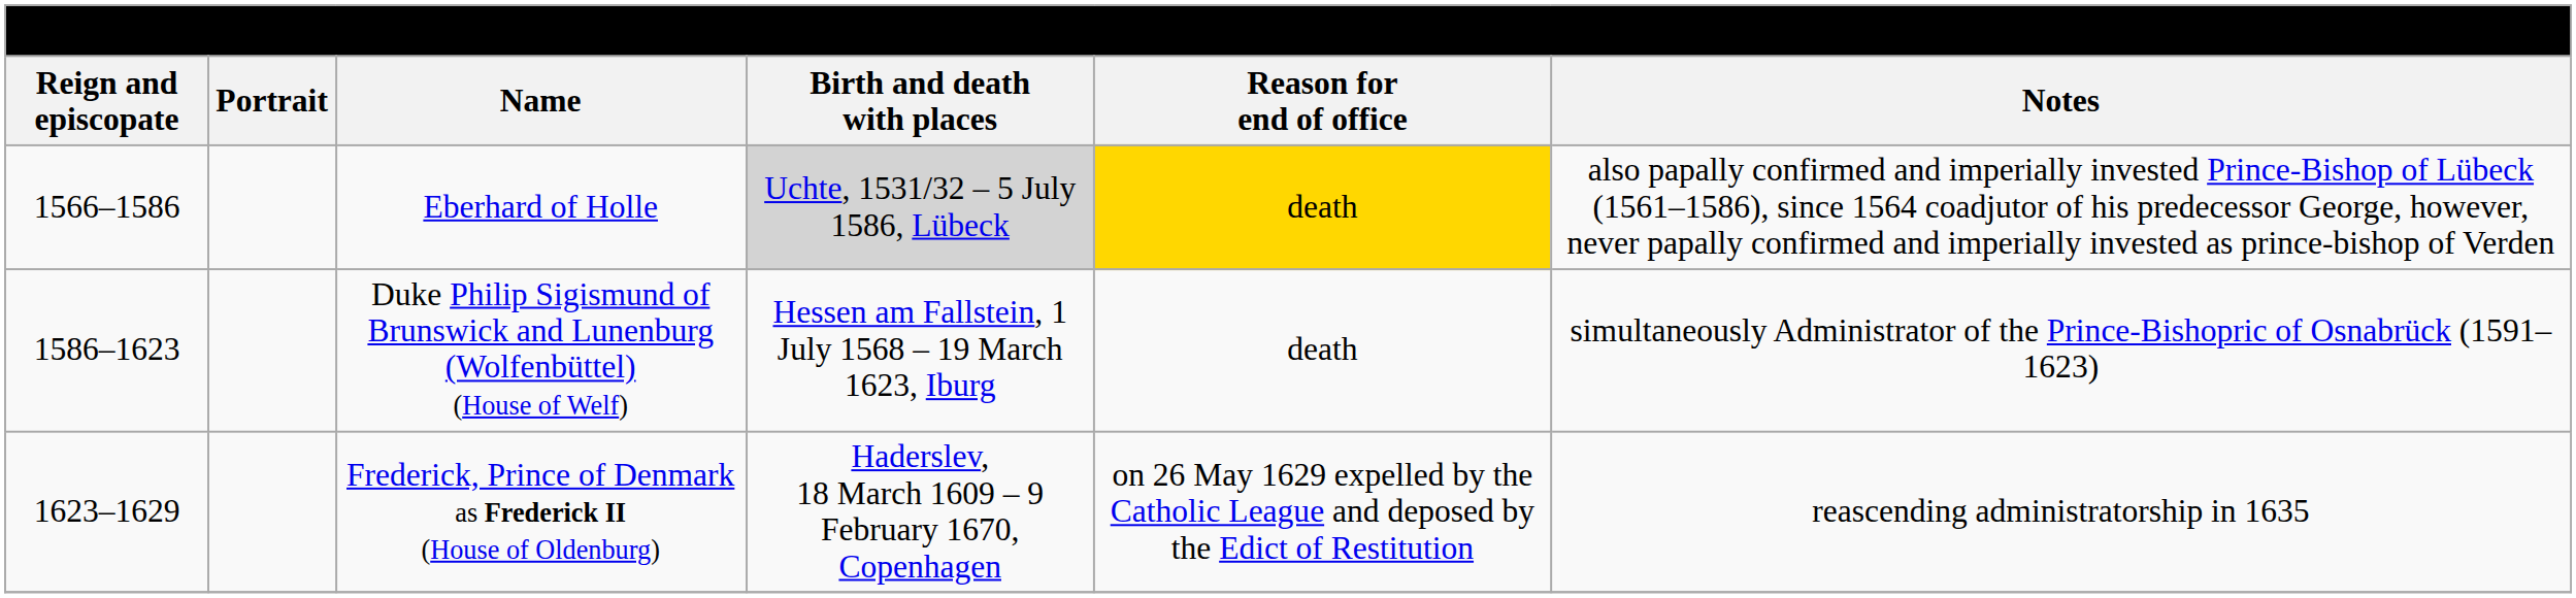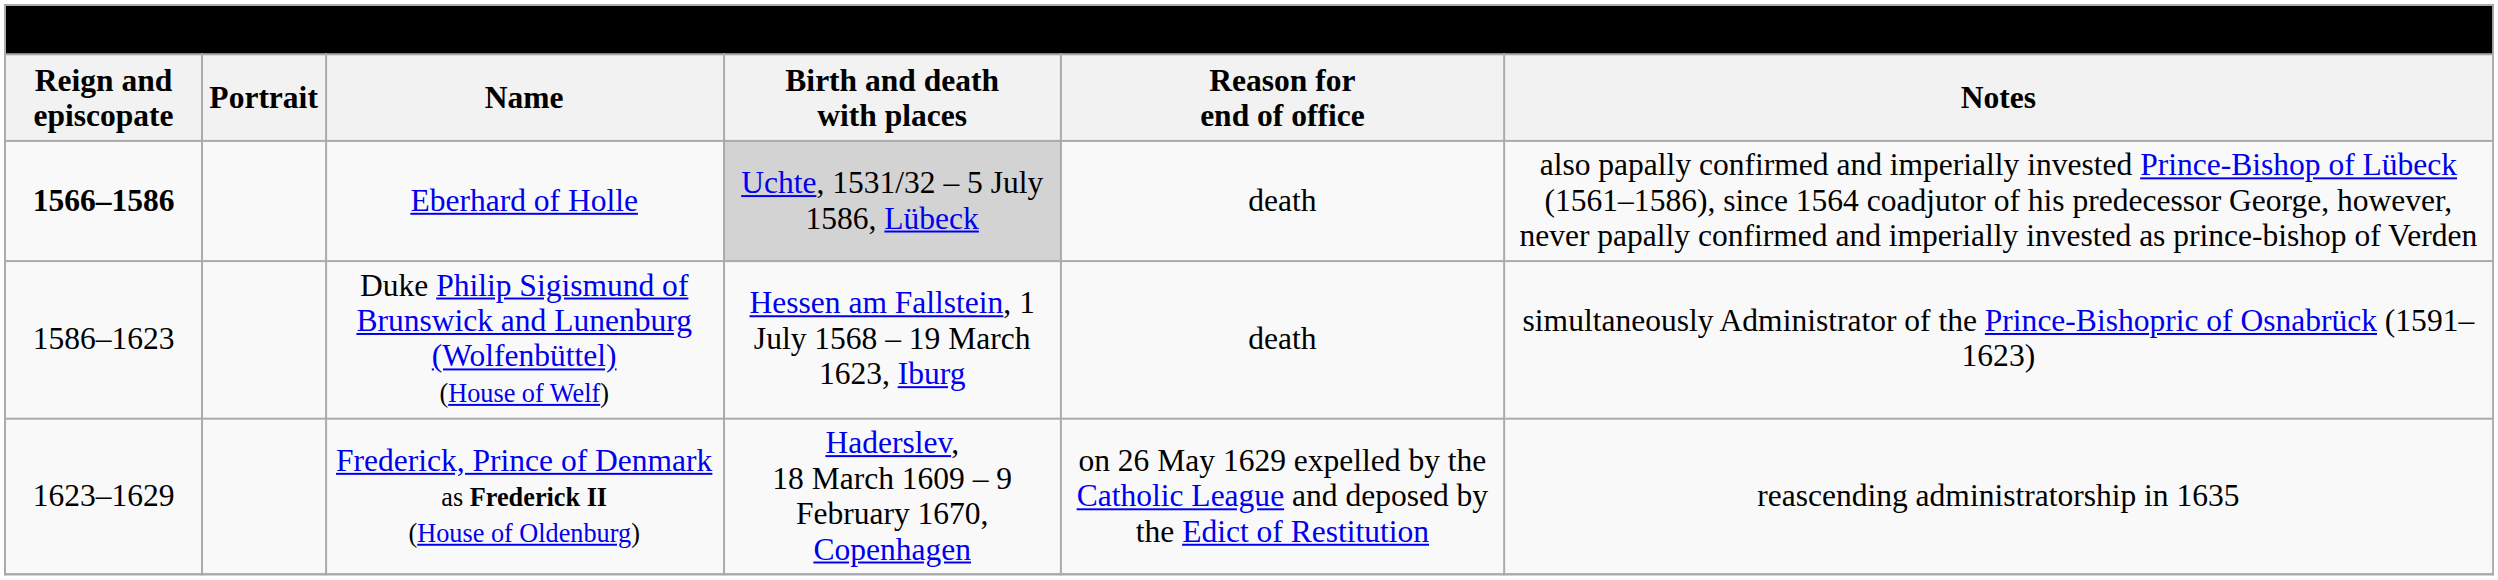 <table width=100% class="wikitable">
 <tr>
 <td colspan="6" bgcolor=black align=center><strong><span> Lutheran Administrators of the Prince-Bishopric (1566–1630)</span></strong></td>
 </tr>
 <tr>
 <th>Reign and episcopate</th>
 <th>Portrait</th>
 <th>Name</th>
 <th>Birth and death<br>with places</th>
 <th>Reason for <br>end of office</th>
 <th>Notes</th>
 </tr>
 <tr>
-<td align=center>1566–1586</td>
+<td align=center><strong>1566–1586</strong></td>
 <td align=center></td>
 <td align="center"><a href='#'>Eberhard of Holle</a></td>
 <td align="center" style="background: lightgrey;"><a href='#'>Uchte</a>, 1531/32 – 5 July 1586, <a href='#'>Lübeck</a></td>
-<td align="center" style="background: gold;">death</td>
+<td align="center">death</td>
 <td align="center">also papally confirmed and imperially invested <a href='#'>Prince-Bishop of Lübeck</a> (1561–1586), since 1564 coadjutor of his predecessor George, however, never papally confirmed and imperially invested as prince-bishop of Verden</td>
 </tr>
 <tr>
 <td align=center>1586–1623</td>
 <td align=center></td>
 <td align="center">Duke <a href='#'>Philip Sigismund of Brunswick and Lunenburg (Wolfenbüttel)</a><br><small>(<a href='#'>House of Welf</a>)</small></td>
 <td align="center"><a href='#'>Hessen am Fallstein</a>, 1 July 1568 – 19 March 1623, <a href='#'>Iburg</a></td>
 <td align="center">death</td>
 <td align="center">simultaneously Administrator of the <a href='#'>Prince-Bishopric of Osnabrück</a> (1591–1623)</td>
 </tr>
 <tr>
 <td align=center>1623–1629</td>
 <td align=center></td>
 <td align="center"><a href='#'>Frederick, Prince of Denmark</a> <br><small>as <strong>Frederick II</strong><br>(<a href='#'>House of Oldenburg</a>)</small></td>
 <td align="center"><a href='#'>Haderslev</a>, <br>18 March 1609 – 9 February 1670, <br><a href='#'>Copenhagen</a></td>
 <td align="center">on 26 May 1629 expelled by the <a href='#'>Catholic League</a> and deposed by the <a href='#'>Edict of Restitution</a></td>
 <td align="center">reascending administratorship in 1635</td>
 </tr>
 <tr>
 </tr>
 </table>
